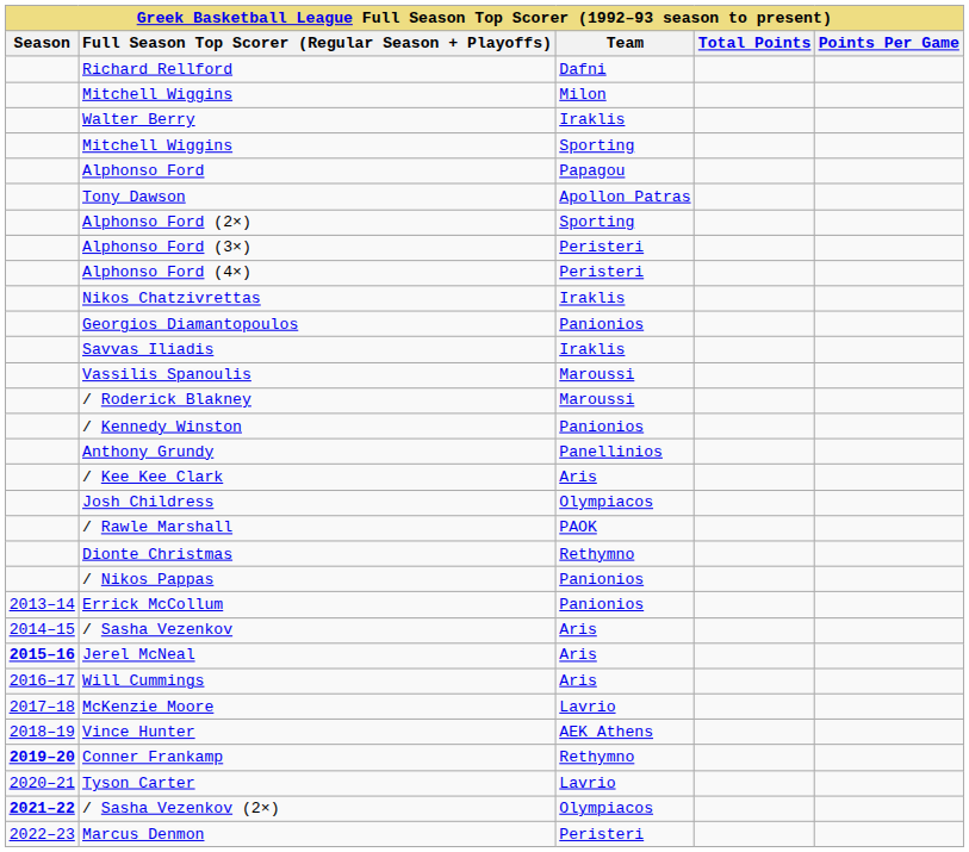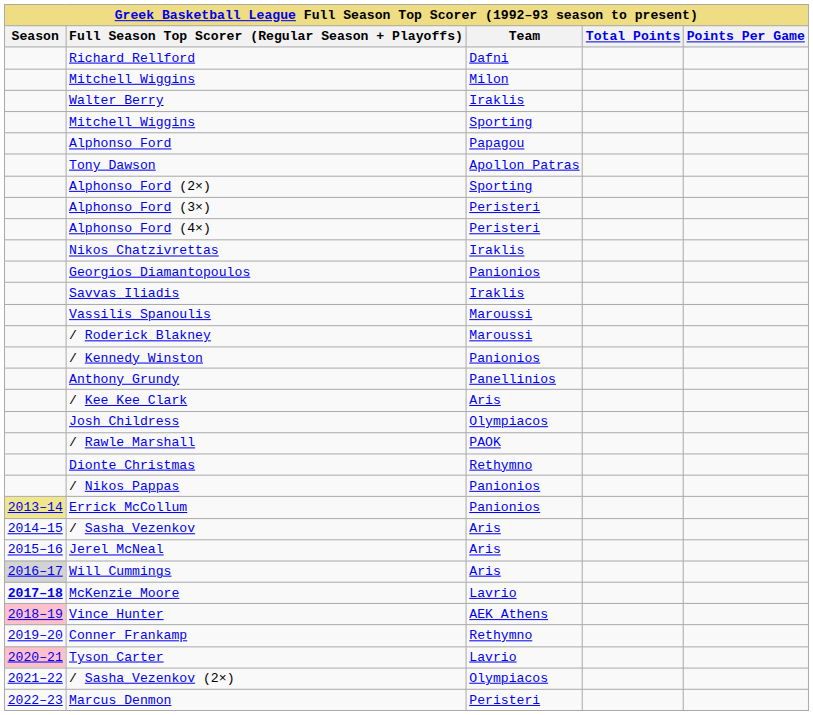 <table class="wikitable"  style="text-align:left;">
 <tr>
 <th colspan="5" style="background-color: #eedd82" !><a href='#'>Greek Basketball League</a> <strong>Full Season Top Scorer (1992–93 season to present)</strong><br></th>
 </tr>
 <tr>
 <th>Season</th>
 <th>Full Season Top Scorer (Regular Season + Playoffs)</th>
 <th>Team</th>
 <th><a href='#'>Total Points</a></th>
 <th><a href='#'>Points Per Game</a></th>
 </tr>
 <tr>
 <td></td>
 <td> <a href='#'>Richard Rellford</a></td>
 <td><a href='#'>Dafni</a></td>
 <td></td>
 <td></td>
 </tr>
 <tr>
 <td></td>
 <td> <a href='#'>Mitchell Wiggins</a></td>
 <td><a href='#'>Milon</a></td>
 <td></td>
 <td></td>
 </tr>
 <tr>
 <td></td>
 <td> <a href='#'>Walter Berry</a></td>
 <td><a href='#'>Iraklis</a></td>
 <td></td>
 <td></td>
 </tr>
 <tr>
 <td></td>
 <td> <a href='#'>Mitchell Wiggins</a></td>
 <td><a href='#'>Sporting</a></td>
 <td></td>
 <td></td>
 </tr>
 <tr>
 <td></td>
 <td> <a href='#'>Alphonso Ford</a></td>
 <td><a href='#'>Papagou</a></td>
 <td></td>
 <td></td>
 </tr>
 <tr>
 <td></td>
 <td> <a href='#'>Tony Dawson</a></td>
 <td><a href='#'>Apollon Patras</a></td>
 <td></td>
 <td></td>
 </tr>
 <tr>
 <td></td>
 <td> <a href='#'>Alphonso Ford</a> (2×)</td>
 <td><a href='#'>Sporting</a></td>
 <td></td>
 <td></td>
 </tr>
 <tr>
 <td></td>
 <td> <a href='#'>Alphonso Ford</a> (3×)</td>
 <td><a href='#'>Peristeri</a></td>
 <td></td>
 <td></td>
 </tr>
 <tr>
 <td></td>
 <td> <a href='#'>Alphonso Ford</a> (4×)</td>
 <td><a href='#'>Peristeri</a></td>
 <td></td>
 <td></td>
 </tr>
 <tr>
 <td></td>
 <td> <a href='#'>Nikos Chatzivrettas</a></td>
 <td><a href='#'>Iraklis</a></td>
 <td></td>
 <td></td>
 </tr>
 <tr>
 <td></td>
 <td> <a href='#'>Georgios Diamantopoulos</a></td>
 <td><a href='#'>Panionios</a></td>
 <td></td>
 <td></td>
 </tr>
 <tr>
 <td></td>
 <td> <a href='#'>Savvas Iliadis</a></td>
 <td><a href='#'>Iraklis</a></td>
 <td></td>
 <td></td>
 </tr>
 <tr>
 <td></td>
 <td> <a href='#'>Vassilis Spanoulis</a></td>
 <td><a href='#'>Maroussi</a></td>
 <td></td>
 <td></td>
 </tr>
 <tr>
 <td></td>
 <td>/ <a href='#'>Roderick Blakney</a></td>
 <td><a href='#'>Maroussi</a></td>
 <td></td>
 <td></td>
 </tr>
 <tr>
 <td></td>
 <td>/ <a href='#'>Kennedy Winston</a></td>
 <td><a href='#'>Panionios</a></td>
 <td></td>
 <td></td>
 </tr>
 <tr>
 <td></td>
 <td> <a href='#'>Anthony Grundy</a></td>
 <td><a href='#'>Panellinios</a></td>
 <td></td>
 <td></td>
 </tr>
 <tr>
 <td></td>
 <td>/ <a href='#'>Kee Kee Clark</a></td>
 <td><a href='#'>Aris</a></td>
 <td></td>
 <td></td>
 </tr>
 <tr>
 <td></td>
 <td> <a href='#'>Josh Childress</a></td>
 <td><a href='#'>Olympiacos</a></td>
 <td></td>
 <td></td>
 </tr>
 <tr>
 <td></td>
 <td>/ <a href='#'>Rawle Marshall</a></td>
 <td><a href='#'>PAOK</a></td>
 <td></td>
 <td></td>
 </tr>
 <tr>
 <td></td>
 <td> <a href='#'>Dionte Christmas</a></td>
 <td><a href='#'>Rethymno</a></td>
 <td></td>
 <td></td>
 </tr>
 <tr>
 <td></td>
 <td>/ <a href='#'>Nikos Pappas</a></td>
 <td><a href='#'>Panionios</a></td>
 <td></td>
 <td></td>
 </tr>
 <tr>
-<td {{center><a href='#'>2013–14</a></td>
+<td {{center style="background: khaki;"><a href='#'>2013–14</a></td>
 <td> <a href='#'>Errick McCollum</a></td>
 <td><a href='#'>Panionios</a></td>
 <td></td>
 <td></td>
 </tr>
 <tr>
 <td {{center><a href='#'>2014–15</a></td>
 <td>/ <a href='#'>Sasha Vezenkov</a></td>
 <td><a href='#'>Aris</a></td>
 <td></td>
 <td></td>
 </tr>
 <tr>
-<td {{center><strong><a href='#'>2015–16</a></strong></td>
+<td {{center><a href='#'>2015–16</a></td>
 <td> <a href='#'>Jerel McNeal</a></td>
 <td><a href='#'>Aris</a></td>
 <td></td>
 <td></td>
 </tr>
 <tr>
-<td {{center><a href='#'>2016–17</a></td>
+<td {{center style="background: lightgrey;"><a href='#'>2016–17</a></td>
 <td> <a href='#'>Will Cummings</a></td>
 <td><a href='#'>Aris</a></td>
 <td></td>
 <td></td>
 </tr>
 <tr>
-<td {{center><a href='#'>2017–18</a></td>
+<td {{center><strong><a href='#'>2017–18</a></strong></td>
 <td> <a href='#'>McKenzie Moore</a></td>
 <td><a href='#'>Lavrio</a></td>
 <td></td>
 <td></td>
 </tr>
 <tr>
-<td {{center><a href='#'>2018–19</a></td>
+<td {{center style="background: pink;"><a href='#'>2018–19</a></td>
 <td> <a href='#'>Vince Hunter</a></td>
 <td><a href='#'>AEK Athens</a></td>
 <td></td>
 <td></td>
 </tr>
 <tr>
-<td {{center><strong><a href='#'>2019–20</a></strong></td>
+<td {{center><a href='#'>2019–20</a></td>
 <td> <a href='#'>Conner Frankamp</a></td>
 <td><a href='#'>Rethymno</a></td>
 <td></td>
 <td></td>
 </tr>
 <tr>
-<td {{center><a href='#'>2020–21</a></td>
+<td {{center style="background: pink;"><a href='#'>2020–21</a></td>
 <td> <a href='#'>Tyson Carter</a></td>
 <td><a href='#'>Lavrio</a></td>
 <td></td>
 <td></td>
 </tr>
 <tr>
-<td {{center><strong><a href='#'>2021–22</a></strong></td>
+<td {{center><a href='#'>2021–22</a></td>
 <td>/ <a href='#'>Sasha Vezenkov</a> (2×)</td>
 <td><a href='#'>Olympiacos</a></td>
 <td></td>
 <td></td>
 </tr>
 <tr>
 <td {{center><a href='#'>2022–23</a></td>
 <td> <a href='#'>Marcus Denmon</a></td>
 <td><a href='#'>Peristeri</a></td>
 <td></td>
 <td></td>
 </tr>
 </table>
